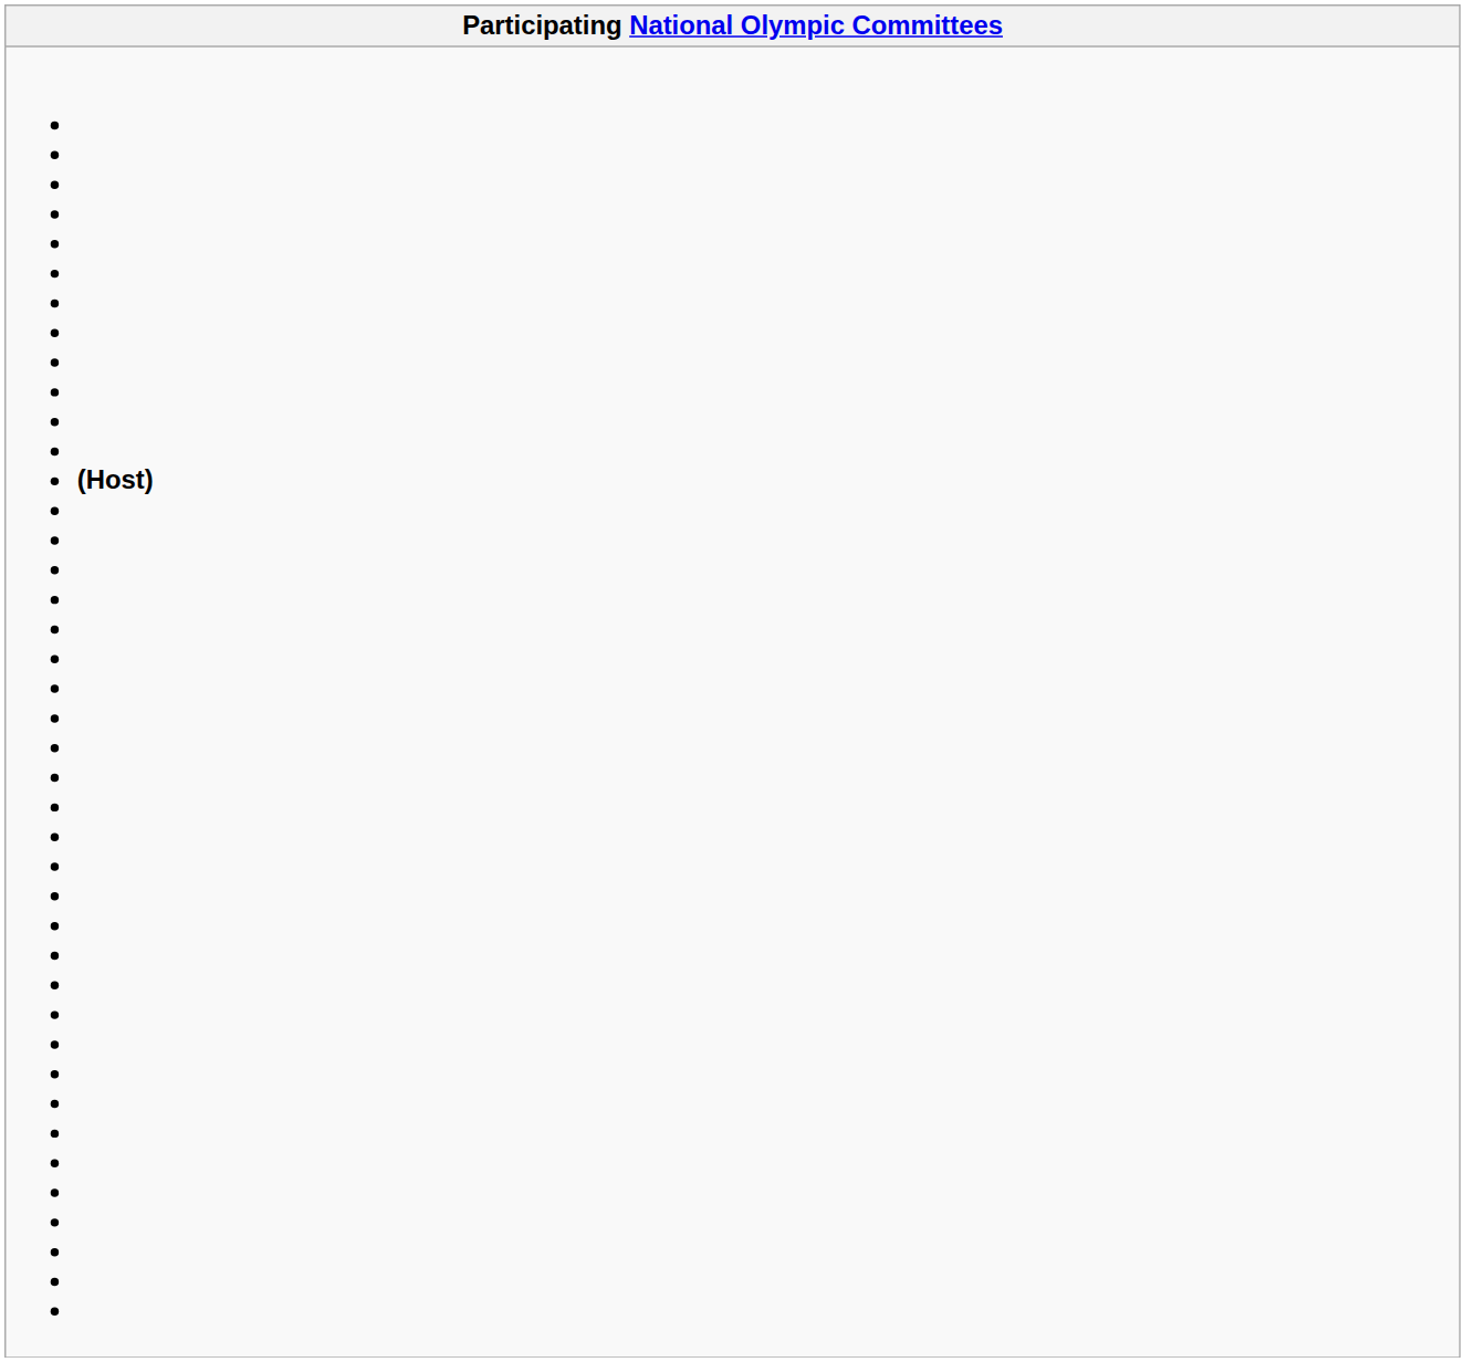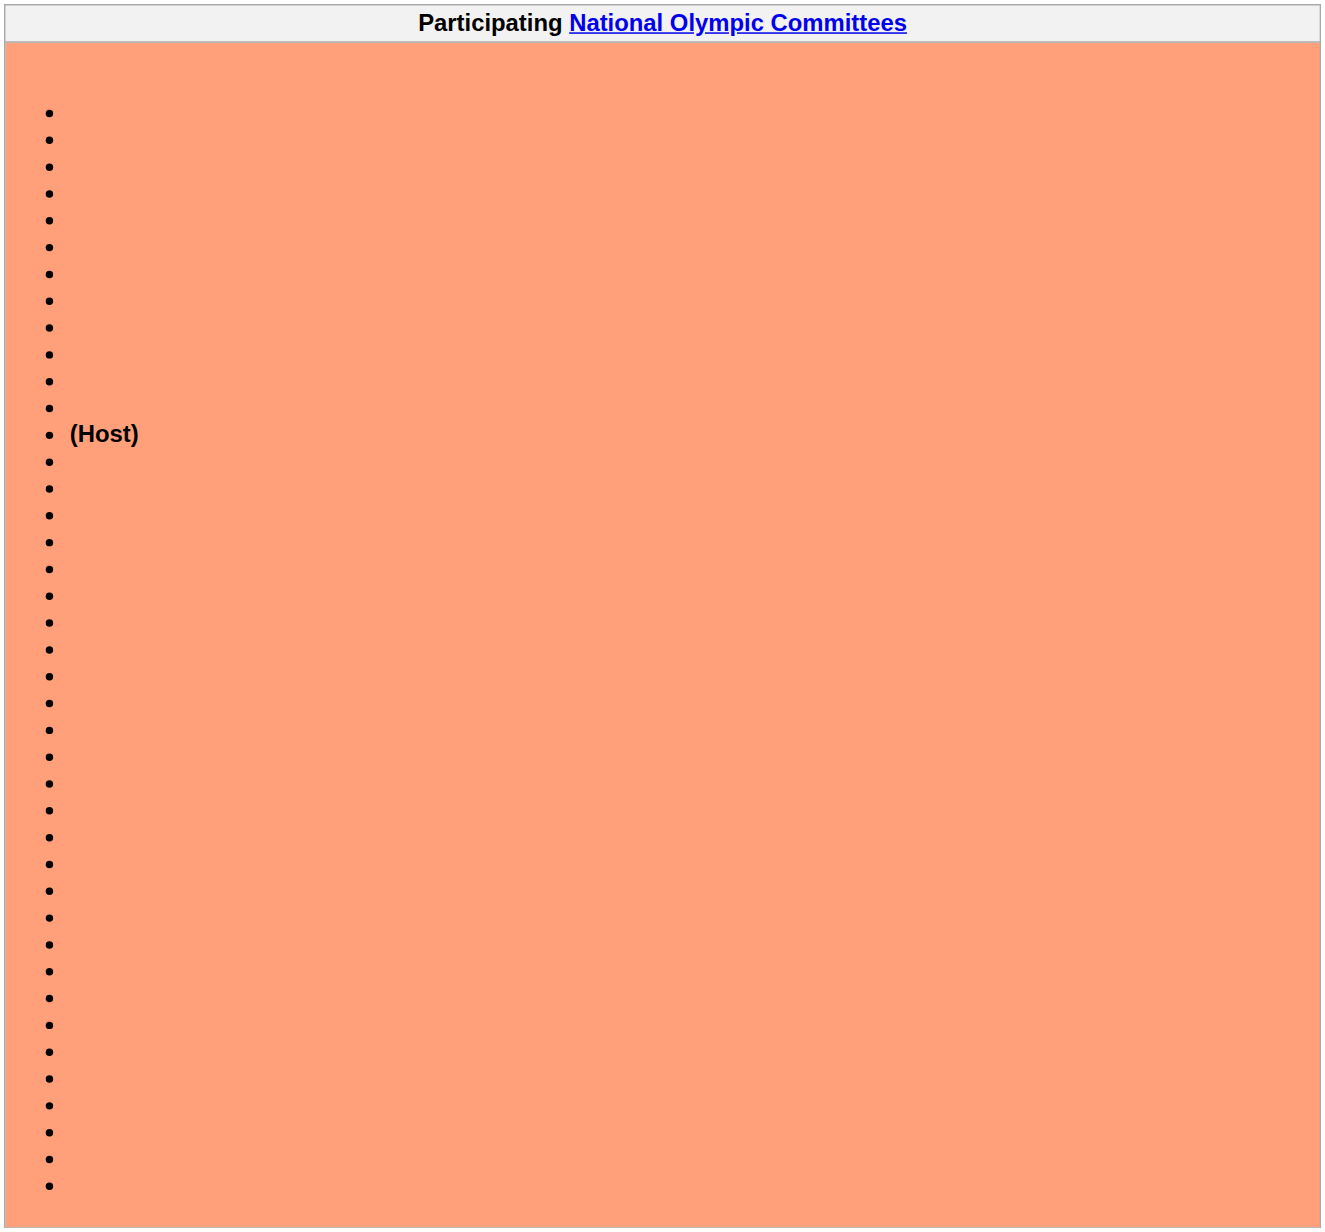 <table class="wikitable mw-collapsible" style="width:100%;">
 <tr>
 <th>Participating <a href='#'>National Olympic Committees</a></th>
 </tr>
 <tr>
-<td><br><ul><li></li><li></li><li></li><li></li><li></li><li></li><li></li><li></li><li></li><li></li><li></li><li></li><li> <strong>(Host)</strong></li><li></li><li></li><li></li><li></li><li></li><li></li><li></li><li></li><li></li><li></li><li></li><li></li><li> </li><li></li><li></li><li></li><li></li><li></li><li></li><li></li><li></li><li></li><li></li><li></li><li></li><li></li><li></li><li></li></ul></td>
+<td style="background: lightsalmon;"><br><ul><li></li><li></li><li></li><li></li><li></li><li></li><li></li><li></li><li></li><li></li><li></li><li></li><li> <strong>(Host)</strong></li><li></li><li></li><li></li><li></li><li></li><li></li><li></li><li></li><li></li><li></li><li></li><li></li><li> </li><li></li><li></li><li></li><li></li><li></li><li></li><li></li><li></li><li></li><li></li><li></li><li></li><li></li><li></li><li></li></ul></td>
 </tr>
 </table>
